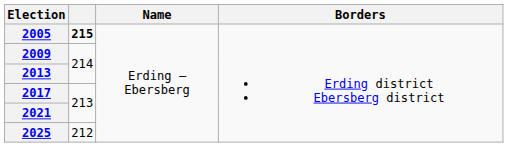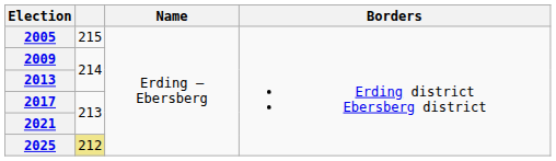 <table class=wikitable style="text-align:center">
 <tr>
 <th>Election</th>
 <th></th>
 <th width=125px>Name</th>
 <th width=300px>Borders</th>
 </tr>
 <tr>
 <th><a href='#'>2005</a></th>
-<td><strong>215</strong></td>
+<td>215</td>
 <td rowspan=6>Erding – Ebersberg</td>
 <td rowspan=6><br><ul><li><a href='#'>Erding</a> district</li><li><a href='#'>Ebersberg</a> district</li></ul></td>
 </tr>
 <tr>
 <th><a href='#'>2009</a></th>
 <td rowspan=2>214</td>
 </tr>
 <tr>
 <th><a href='#'>2013</a></th>
 </tr>
 <tr>
 <th><a href='#'>2017</a></th>
 <td rowspan=2>213</td>
 </tr>
 <tr>
 <th><a href='#'>2021</a></th>
 </tr>
 <tr>
 <th><a href='#'>2025</a></th>
-<td>212</td>
+<td style="background: khaki;">212</td>
 </tr>
 </table>
